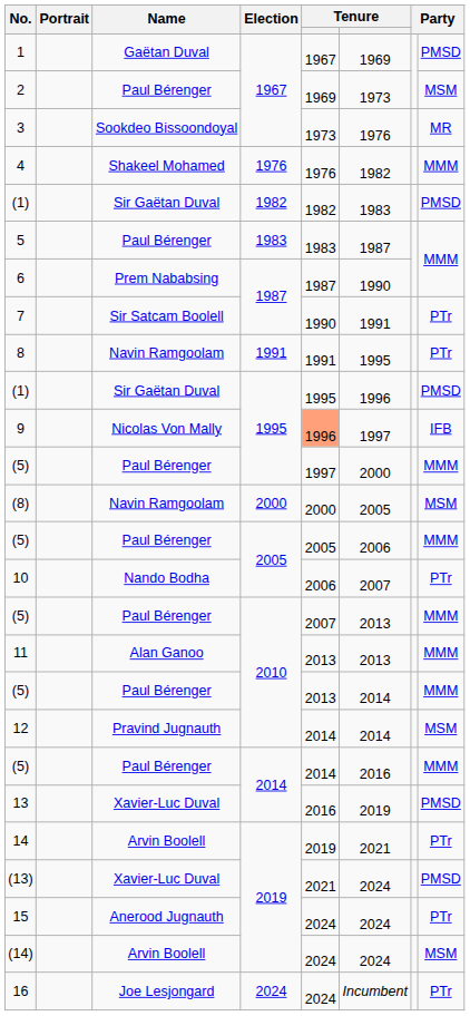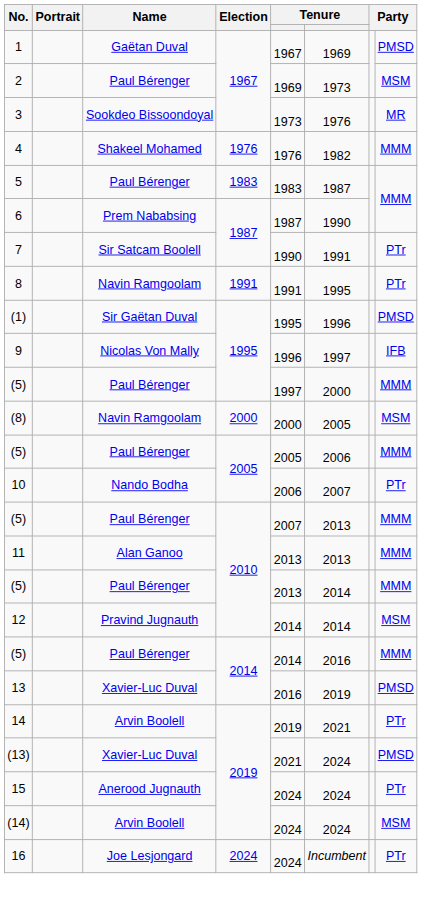 <table class="wikitable" style="font-size:90%;text-align:center">
 <tr>
 <th rowspan="2">No.</th>
 <th rowspan="2">Portrait</th>
 <th rowspan="2">Name<br></th>
 <th rowspan="2">Election</th>
 <th colspan="2">Tenure</th>
 <th rowspan="2" colspan="2">Party</th>
 </tr>
 <tr>
 <th></th>
 <th></th>
 </tr>
 <tr>
 <td>1</td>
 <td></td>
 <td><a href='#'>Gaëtan Duval</a><br></td>
 <td rowspan="3"><a href='#'>1967</a></td>
 <td><br>1967</td>
 <td><br>1969</td>
 <td rowspan=2 style="background: "></td>
 <td><a href='#'>PMSD</a></td>
 </tr>
 <tr>
 <td>2</td>
 <td></td>
 <td><a href='#'>Paul Bérenger</a><br></td>
 <td><br>1969</td>
 <td><br>1973</td>
 <td><a href='#'>MSM</a></td>
 </tr>
 <tr>
 <td>3</td>
 <td></td>
 <td><a href='#'>Sookdeo Bissoondoyal</a><br></td>
 <td><br>1973</td>
 <td><br>1976</td>
 <td style="background: "></td>
 <td><a href='#'>MR</a></td>
 </tr>
 <tr>
 <td>4</td>
 <td></td>
 <td><a href='#'>Shakeel Mohamed</a><br></td>
 <td><a href='#'>1976</a></td>
 <td><br>1976</td>
 <td><br>1982</td>
 <td style="background: "></td>
 <td><a href='#'>MMM</a></td>
-</tr>
-<tr>
-<td>(1)</td>
-<td></td>
-<td><a href='#'>Sir Gaëtan Duval</a><br></td>
-<td><a href='#'>1982</a></td>
-<td><br>1982</td>
-<td><br>1983</td>
-<td style="background: "></td>
-<td><a href='#'>PMSD</a></td>
 </tr>
 <tr>
 <td>5</td>
 <td></td>
 <td><a href='#'>Paul Bérenger</a><br></td>
 <td><a href='#'>1983</a></td>
 <td><br>1983</td>
 <td><br>1987</td>
 <td rowspan=2 style="background: "></td>
 <td rowspan=2><a href='#'>MMM</a></td>
 </tr>
 <tr>
 <td>6</td>
 <td></td>
 <td><a href='#'>Prem Nababsing</a><br></td>
 <td rowspan=2><a href='#'>1987</a></td>
 <td><br>1987</td>
 <td><br>1990</td>
 </tr>
 <tr>
 <td>7</td>
 <td></td>
 <td><a href='#'>Sir Satcam Boolell</a><br></td>
 <td><br>1990</td>
 <td><br>1991</td>
 <td style="background: "></td>
 <td><a href='#'>PTr</a></td>
 </tr>
 <tr>
 <td>8</td>
 <td></td>
 <td><a href='#'>Navin Ramgoolam</a><br></td>
 <td><a href='#'>1991</a></td>
 <td><br>1991</td>
 <td><br>1995</td>
 <td style="background: "></td>
 <td><a href='#'>PTr</a></td>
 </tr>
 <tr>
 <td>(1)</td>
 <td></td>
 <td><a href='#'>Sir Gaëtan Duval</a><br></td>
 <td rowspan=3><a href='#'>1995</a></td>
 <td><br>1995</td>
 <td><br>1996</td>
 <td style="background: "></td>
 <td><a href='#'>PMSD</a></td>
 </tr>
 <tr>
 <td>9</td>
 <td></td>
 <td><a href='#'>Nicolas Von Mally</a></td>
-<td style="background: lightsalmon;"><br>1996</td>
+<td><br>1996</td>
 <td><br>1997</td>
 <td style="background: "></td>
 <td><a href='#'>IFB</a></td>
 </tr>
 <tr>
 <td>(5)</td>
 <td></td>
 <td><a href='#'>Paul Bérenger</a><br></td>
 <td><br>1997</td>
 <td><br>2000</td>
 <td style="background: "></td>
 <td><a href='#'>MMM</a></td>
 </tr>
 <tr>
 <td>(8)</td>
 <td></td>
 <td><a href='#'>Navin Ramgoolam</a><br></td>
 <td><a href='#'>2000</a></td>
 <td><br>2000</td>
 <td><br>2005</td>
 <td style="background: "></td>
 <td><a href='#'>MSM</a></td>
 </tr>
 <tr>
 <td>(5)</td>
 <td></td>
 <td><a href='#'>Paul Bérenger</a><br></td>
 <td rowspan=2><a href='#'>2005</a></td>
 <td><br>2005</td>
 <td><br>2006</td>
 <td style="background: "></td>
 <td><a href='#'>MMM</a></td>
 </tr>
 <tr>
 <td>10</td>
 <td></td>
 <td><a href='#'>Nando Bodha</a><br></td>
 <td><br>2006</td>
 <td><br>2007</td>
 <td style="background: "></td>
 <td><a href='#'>PTr</a></td>
 </tr>
 <tr>
 <td>(5)</td>
 <td></td>
 <td><a href='#'>Paul Bérenger</a><br></td>
 <td rowspan=4><a href='#'>2010</a></td>
 <td><br>2007</td>
 <td><br>2013</td>
 <td style="background: "></td>
 <td><a href='#'>MMM</a></td>
 </tr>
 <tr>
 <td>11</td>
 <td></td>
 <td><a href='#'>Alan Ganoo</a><br></td>
 <td><br>2013</td>
 <td><br>2013</td>
 <td style="background: "></td>
 <td><a href='#'>MMM</a></td>
 </tr>
 <tr>
 <td>(5)</td>
 <td></td>
 <td><a href='#'>Paul Bérenger</a><br></td>
 <td><br>2013</td>
 <td><br>2014</td>
 <td style="background: "></td>
 <td><a href='#'>MMM</a></td>
 </tr>
 <tr>
 <td>12</td>
 <td></td>
 <td><a href='#'>Pravind Jugnauth</a><br></td>
 <td><br>2014</td>
 <td><br>2014</td>
 <td style="background: "></td>
 <td><a href='#'>MSM</a></td>
 </tr>
 <tr>
 <td>(5)</td>
 <td></td>
 <td><a href='#'>Paul Bérenger</a><br></td>
 <td rowspan=2><a href='#'>2014</a></td>
 <td><br>2014</td>
 <td><br>2016</td>
 <td style="background: "></td>
 <td><a href='#'>MMM</a></td>
 </tr>
 <tr>
 <td>13</td>
 <td></td>
 <td><a href='#'>Xavier-Luc Duval</a><br></td>
 <td><br>2016</td>
 <td><br>2019</td>
 <td style="background: "></td>
 <td><a href='#'>PMSD</a></td>
 </tr>
 <tr>
 <td>14</td>
 <td></td>
 <td><a href='#'>Arvin Boolell</a><br></td>
 <td rowspan=4><a href='#'>2019</a></td>
 <td><br>2019</td>
 <td><br>2021</td>
 <td style="background: "></td>
 <td><a href='#'>PTr</a></td>
 </tr>
 <tr>
 <td>(13)</td>
 <td></td>
 <td><a href='#'>Xavier-Luc Duval</a><br></td>
 <td><br>2021</td>
 <td><br>2024</td>
 <td style="background: "></td>
 <td><a href='#'>PMSD</a></td>
 </tr>
 <tr>
 <td>15</td>
 <td></td>
 <td><a href='#'>Anerood Jugnauth</a><br></td>
 <td><br>2024</td>
 <td><br>2024</td>
 <td style="background: "></td>
 <td><a href='#'>PTr</a></td>
 </tr>
 <tr>
 <td>(14)</td>
 <td></td>
 <td><a href='#'>Arvin Boolell</a><br></td>
 <td><br> 2024</td>
 <td><br>2024</td>
 <td style="background: "></td>
 <td><a href='#'>MSM</a></td>
 </tr>
 <tr>
 <td>16</td>
 <td></td>
 <td><a href='#'>Joe Lesjongard</a><br></td>
 <td><a href='#'>2024</a></td>
 <td><br>2024</td>
 <td><em>Incumbent</em></td>
 <td style="background: "></td>
 <td><a href='#'>PTr</a></td>
 </tr>
 </table>
